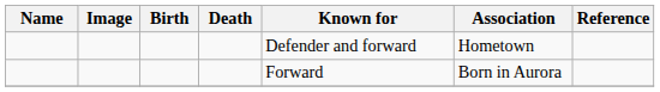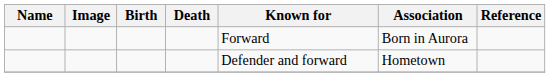 <table class="wikitable sortable">
 <tr>
 <th scope="col" width="140">Name</th>
 <th scope="col" width="80" class="unsortable">Image</th>
 <th scope="col" width="90">Birth</th>
 <th scope="col" width="90">Death</th>
 <th scope="col" width="600" class="unsortable">Known for</th>
 <th scope="col" width="200" class="unsortable">Association</th>
 <th scope="col" width="30" class="unsortable">Reference</th>
 </tr>
 <tr>
 <td></td>
 <td></td>
 <td align=right></td>
 <td></td>
-<td>Defender and forward</td>
-<td>Hometown</td>
+<td>Forward</td>
+<td>Born in Aurora</td>
 <td></td>
 </tr>
 <tr>
 <td></td>
 <td></td>
 <td align=right></td>
 <td align=right></td>
-<td>Forward</td>
-<td>Born in Aurora</td>
+<td>Defender and forward</td>
+<td>Hometown</td>
 <td align="center"></td>
 </tr>
 <tr>
 </tr>
 </table>
